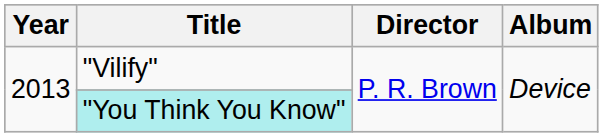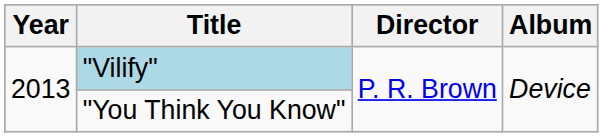 <table class="wikitable">
 <tr>
 <th>Year</th>
 <th>Title</th>
 <th>Director</th>
 <th>Album</th>
 </tr>
 <tr>
 <td rowspan="2">2013</td>
-<td>"Vilify"</td>
+<td style="background: lightblue;">"Vilify"</td>
 <td rowspan="2"><a href='#'>P. R. Brown</a></td>
 <td rowspan="2"><em>Device</em></td>
 </tr>
 <tr>
-<td style="background: paleturquoise;">"You Think You Know"</td>
+<td>"You Think You Know"</td>
 </tr>
 </table>
